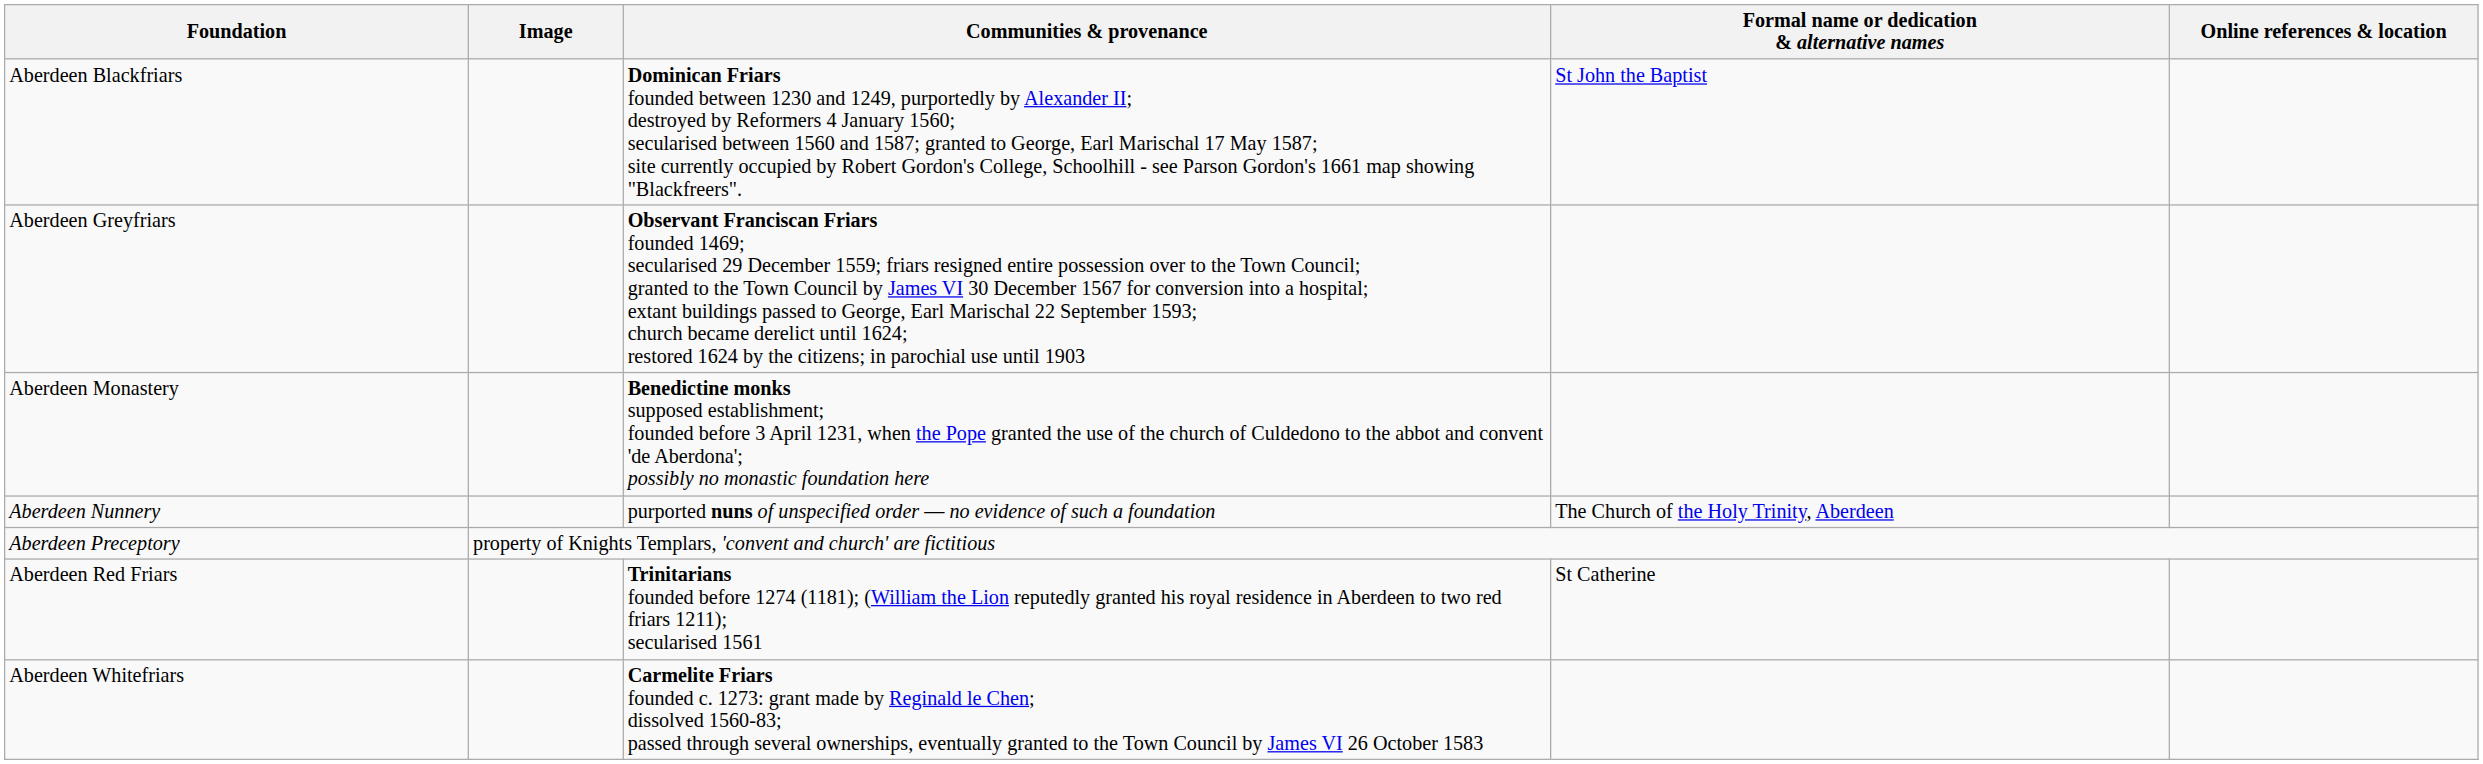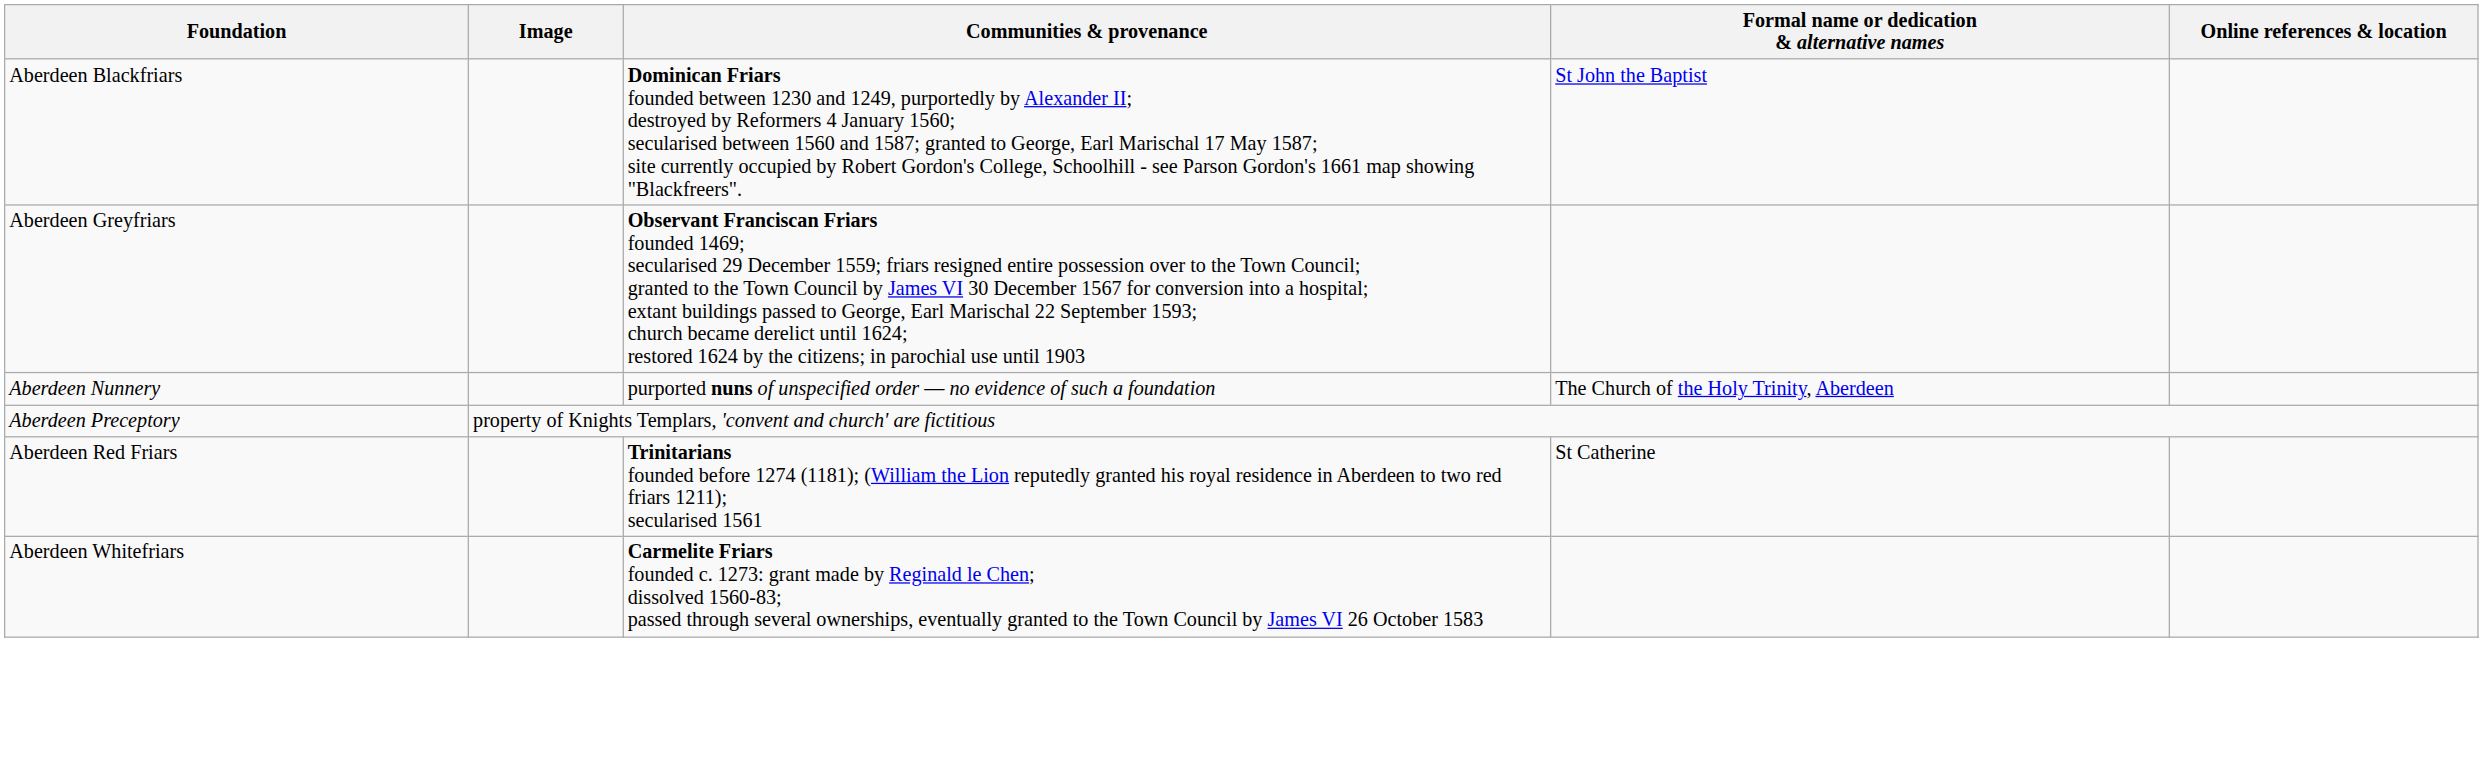 <table width=99% class="wikitable">
 <tr>
 <th width = 15%>Foundation</th>
 <th width = 5%>Image</th>
 <th width = 30%>Communities & provenance</th>
 <th width = 20%>Formal name or dedication <br>& <em>alternative names</em></th>
 <th width = 10%>Online references & location</th>
 </tr>
 <tr valign=top>
 <td>Aberdeen Blackfriars</td>
 <td></td>
 <td><strong>Dominican Friars</strong><br>founded between 1230 and 1249, purportedly by <a href='#'>Alexander II</a>;<br>destroyed by Reformers 4 January 1560;<br>secularised between 1560 and 1587; granted to George, Earl Marischal 17 May 1587;<br>site currently occupied by Robert Gordon's College, Schoolhill - see Parson Gordon's 1661 map showing "Blackfreers".</td>
 <td><a href='#'>St John the Baptist</a></td>
 <td></td>
 </tr>
 <tr valign=top>
 <td>Aberdeen Greyfriars</td>
 <td></td>
 <td><strong>Observant Franciscan Friars</strong><br>founded 1469;<br>secularised 29 December 1559; friars resigned entire possession over to the Town Council;<br>granted to the Town Council by <a href='#'>James VI</a> 30 December 1567 for conversion into a hospital;<br>extant buildings passed to George, Earl Marischal 22 September 1593;<br>church became derelict until 1624;<br>restored 1624 by the citizens; in parochial use until 1903</td>
 <td></td>
 <td><br> </td>
-</tr>
-<tr valign=top>
-<td>Aberdeen Monastery</td>
-<td></td>
-<td><strong>Benedictine monks</strong><br>supposed establishment;<br>founded before 3 April 1231, when <a href='#'>the Pope</a> granted the use of the church of Culdedono to the abbot and convent 'de Aberdona';<br><em>possibly no monastic foundation here</em></td>
-<td></td>
-<td></td>
 </tr>
 <tr valign=top>
 <td><em>Aberdeen Nunnery</em></td>
 <td></td>
 <td>purported <strong>nuns</strong> <em>of unspecified order</em> — <em>no evidence of such a foundation</em></td>
 <td>The Church of <a href='#'>the Holy Trinity</a>, <a href='#'>Aberdeen</a></td>
 <td></td>
 </tr>
 <tr valign=top>
 <td><em>Aberdeen Preceptory</em></td>
 <td colspan=4>property of Knights Templars, <em> 'convent and church' are fictitious</em></td>
 </tr>
 <tr valign=top>
 <td>Aberdeen Red Friars</td>
 <td></td>
 <td><strong>Trinitarians</strong><br>founded before 1274 (1181); (<a href='#'>William the Lion</a> reputedly granted his royal residence in Aberdeen to two red friars 1211);<br>secularised 1561</td>
 <td>St Catherine</td>
 <td><br></td>
 </tr>
 <tr valign=top>
 <td>Aberdeen Whitefriars</td>
 <td></td>
 <td><strong>Carmelite Friars</strong><br>founded c. 1273: grant made by <a href='#'>Reginald le Chen</a>;<br>dissolved 1560-83;<br>passed through several ownerships, eventually granted to the Town Council by <a href='#'>James VI</a> 26 October 1583</td>
 <td></td>
 <td><br><br> <br></td>
 </tr>
 </table>
